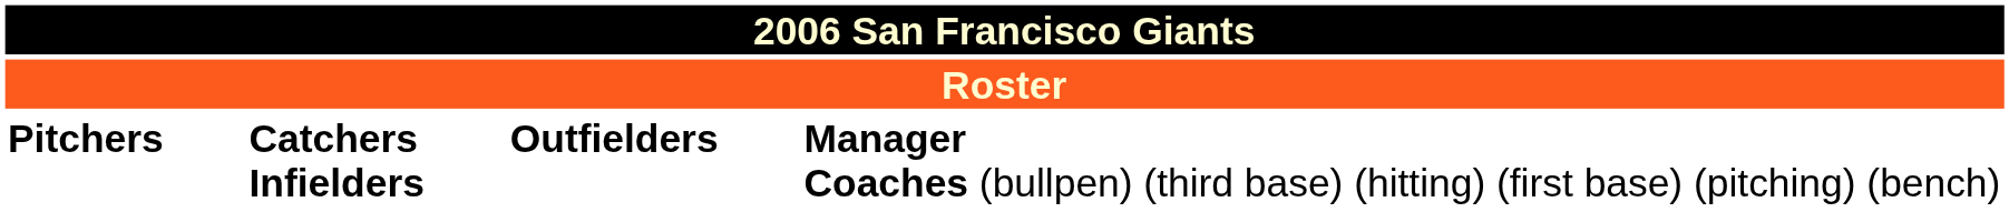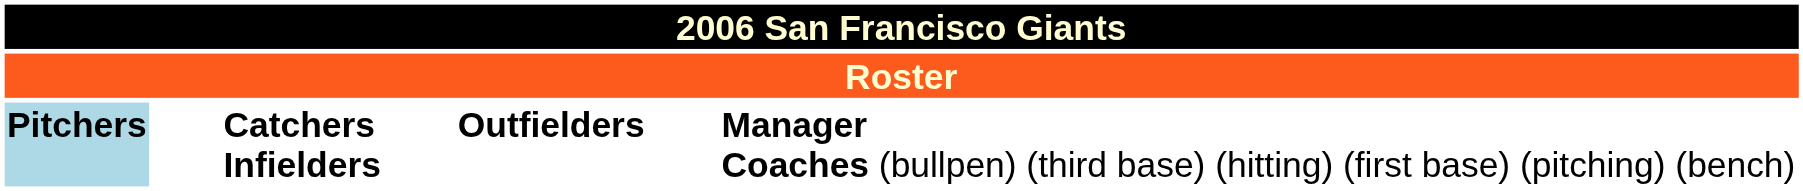 <table class="toccolours" style="font-size: 95%;">
 <tr>
 <th colspan="10" style="background-color: black; color: #FFFDD0; text-align: center;">2006 San Francisco Giants</th>
 </tr>
 <tr>
 <td colspan="10" style="background-color: #fd5a1e; color: #FFFDD0; text-align: center;"><strong>Roster</strong></td>
 </tr>
 <tr>
-<td valign="top"><strong>Pitchers</strong><br>                    </td>
+<td valign="top" style="background: lightblue;"><strong>Pitchers</strong><br>                    </td>
 <td width="25px"></td>
 <td valign="top"><strong>Catchers</strong><br>    <strong>Infielders</strong>           </td>
 <td width="25px"></td>
 <td valign="top"><strong>Outfielders</strong><br>       </td>
 <td width="25px"></td>
 <td valign="top"><strong>Manager</strong><br> <strong>Coaches</strong>  (bullpen)  (third base)  (hitting)  (first base)  (pitching)  (bench)</td>
 </tr>
 <tr>
 </tr>
 </table>
